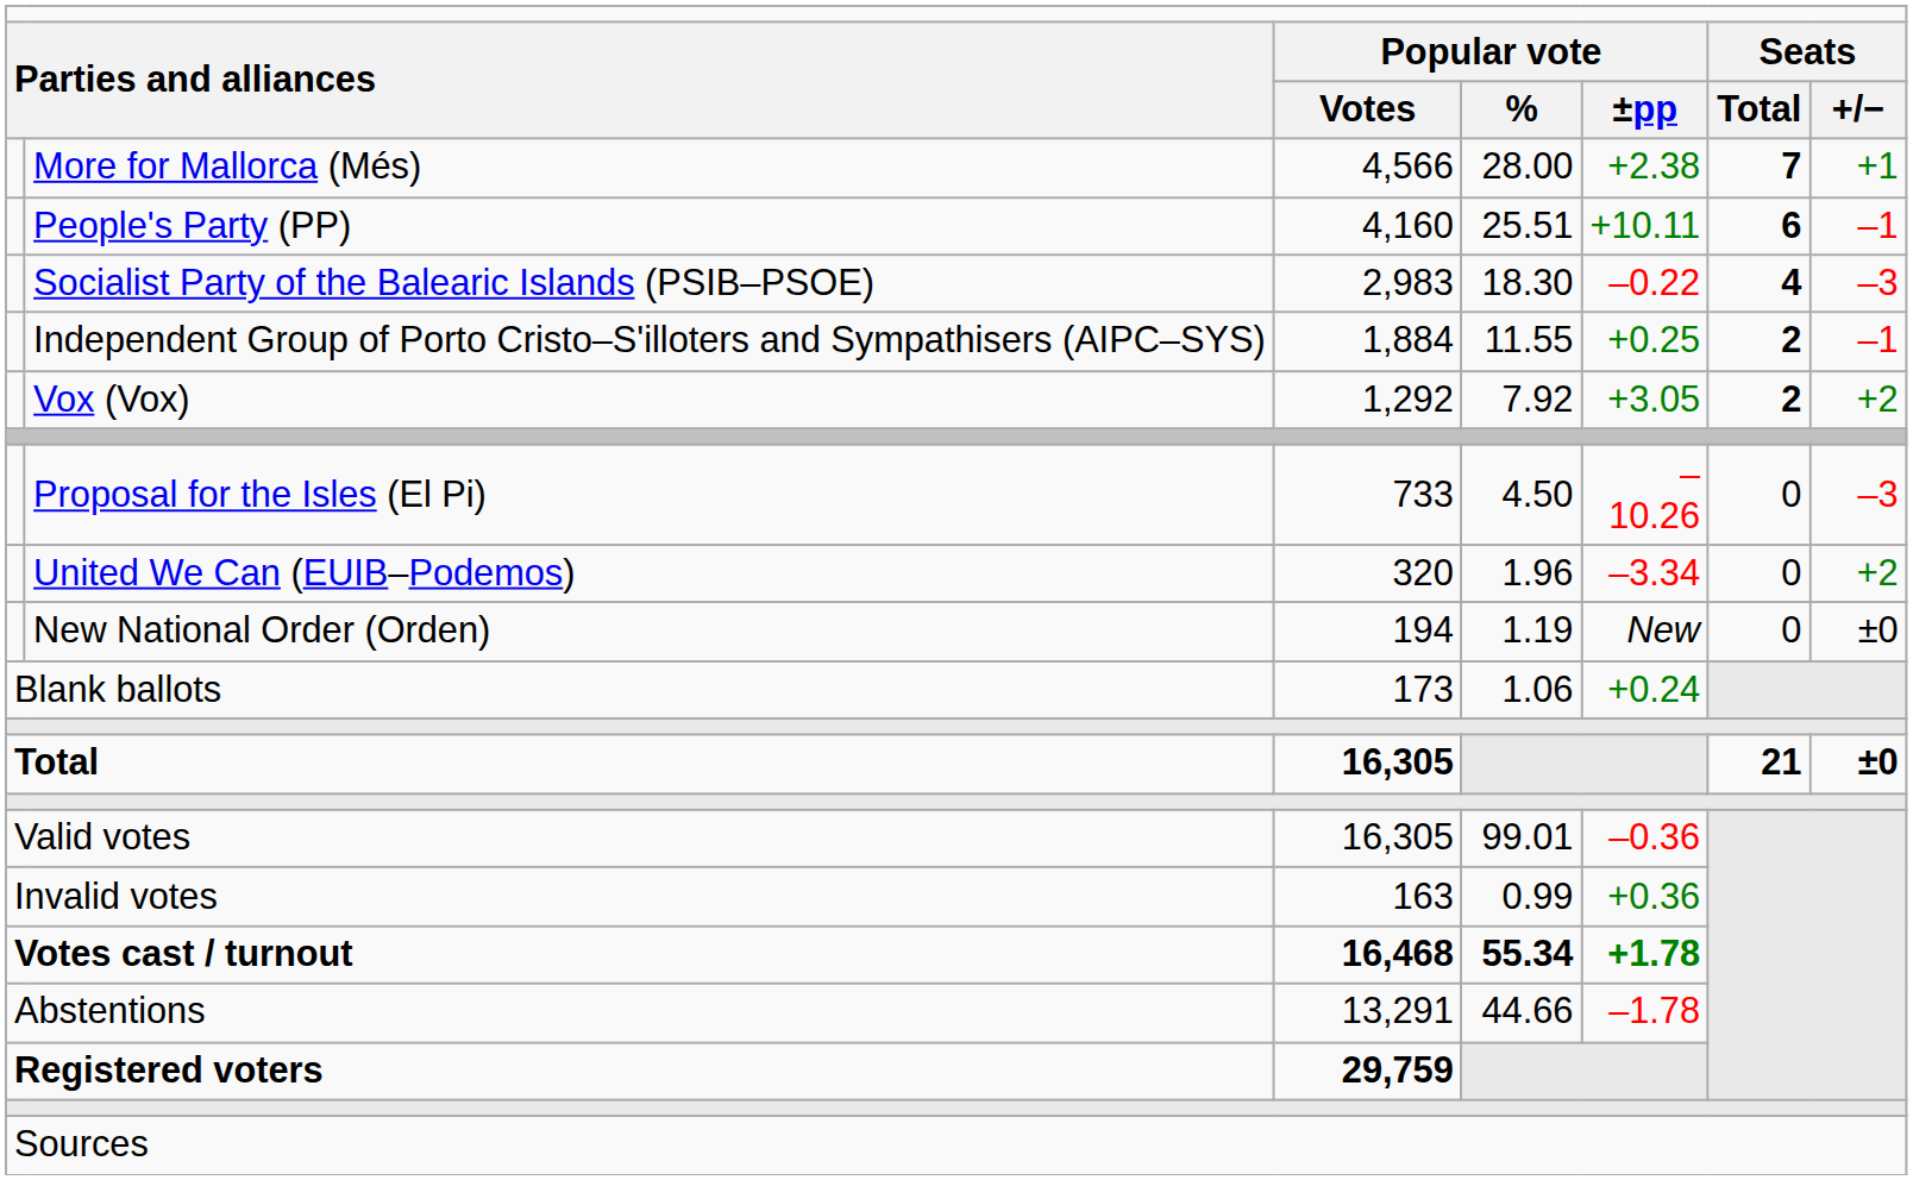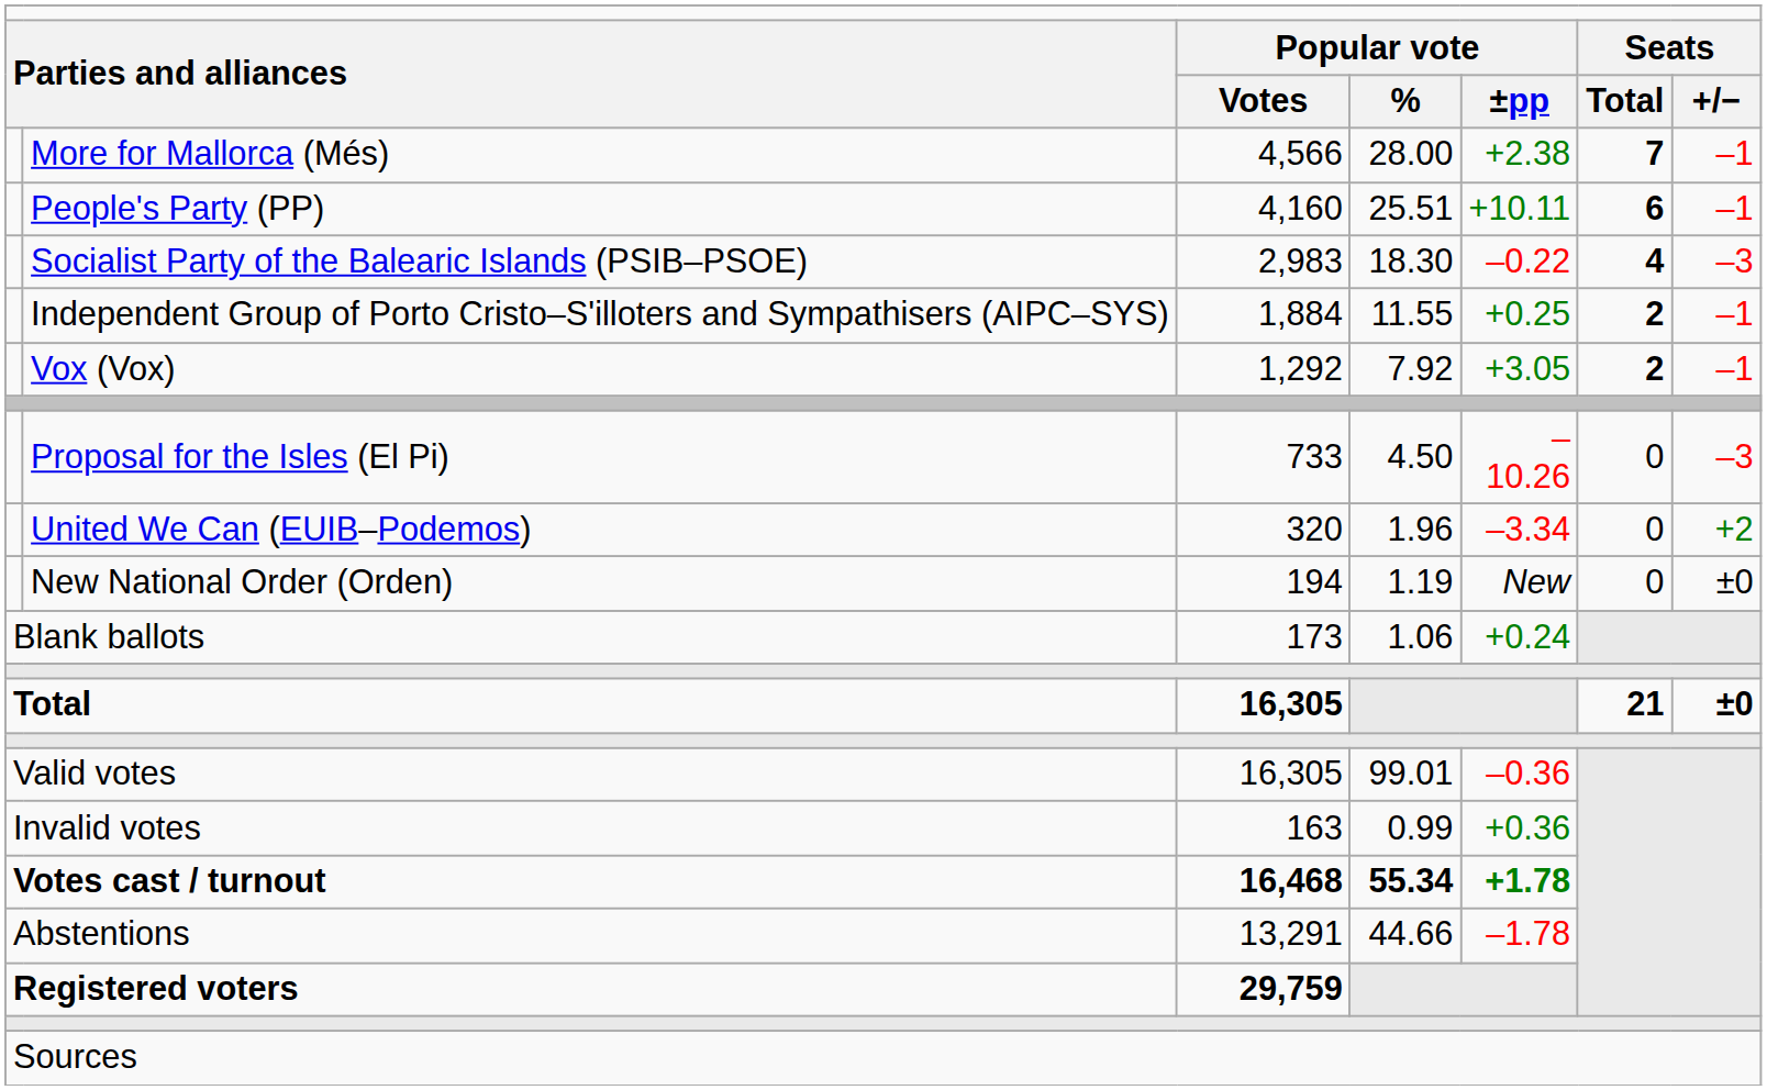 <table class="wikitable" style="text-align:right;">
 <tr>
 <td colspan="7"></td>
 </tr>
 <tr>
 <th style="text-align:left;" rowspan="2" colspan="2" width="525">Parties and alliances</th>
 <th colspan="3">Popular vote</th>
 <th colspan="2">Seats</th>
 </tr>
 <tr>
 <th width="75">Votes</th>
 <th width="45">%</th>
 <th width="45">±<a href='#'>pp</a></th>
 <th width="35">Total</th>
 <th width="35">+/−</th>
 </tr>
 <tr>
 <td width="1" style="color:inherit;background:"></td>
 <td align="left"><a href='#'>More for Mallorca</a> (Més)</td>
 <td>4,566</td>
 <td>28.00</td>
 <td style="color:green;">+2.38</td>
 <td><strong>7</strong></td>
-<td style="color:green;">+1</td>
+<td style="color:red;">–1</td>
 </tr>
 <tr>
 <td style="color:inherit;background:"></td>
 <td align="left"><a href='#'>People's Party</a> (PP)</td>
 <td>4,160</td>
 <td>25.51</td>
 <td style="color:green;">+10.11</td>
 <td><strong>6</strong></td>
 <td style="color:red;">–1</td>
 </tr>
 <tr>
 <td style="color:inherit;background:"></td>
 <td align="left"><a href='#'>Socialist Party of the Balearic Islands</a> (PSIB–PSOE)</td>
 <td>2,983</td>
 <td>18.30</td>
 <td style="color:red;">–0.22</td>
 <td><strong>4</strong></td>
 <td style="color:red;">–3</td>
 </tr>
 <tr>
 <td style="color:inherit;background:"></td>
 <td align="left">Independent Group of Porto Cristo–S'illoters and Sympathisers (AIPC–SYS)</td>
 <td>1,884</td>
 <td>11.55</td>
 <td style="color:green;">+0.25</td>
 <td><strong>2</strong></td>
 <td style="color:red;">–1</td>
 </tr>
 <tr>
 <td style="color:inherit;background:"></td>
 <td align="left"><a href='#'>Vox</a> (Vox)</td>
 <td>1,292</td>
 <td>7.92</td>
 <td style="color:green;">+3.05</td>
 <td><strong>2</strong></td>
-<td style="color:green;">+2</td>
+<td style="color:red;">–1</td>
 </tr>
 <tr>
 <td colspan="7" bgcolor="#C0C0C0"></td>
 </tr>
 <tr>
 <td style="color:inherit;background:"></td>
 <td align="left"><a href='#'>Proposal for the Isles</a> (El Pi)</td>
 <td>733</td>
 <td>4.50</td>
 <td style="color:red;">–10.26</td>
 <td>0</td>
 <td style="color:red;">–3</td>
 </tr>
 <tr>
 <td style="color:inherit;background:"></td>
 <td align="left"><a href='#'>United We Can</a> (<a href='#'>EUIB</a>–<a href='#'>Podemos</a>)</td>
 <td>320</td>
 <td>1.96</td>
 <td style="color:red;">–3.34</td>
 <td>0</td>
 <td style="color:green;">+2</td>
 </tr>
 <tr>
 <td style="color:inherit;background:"></td>
 <td align="left">New National Order (Orden)</td>
 <td>194</td>
 <td>1.19</td>
 <td><em>New</em></td>
 <td>0</td>
 <td>±0</td>
 </tr>
 <tr>
 <td align="left" colspan="2">Blank ballots</td>
 <td>173</td>
 <td>1.06</td>
 <td style="color:green;">+0.24</td>
 <td bgcolor="#E9E9E9" colspan="2"></td>
 </tr>
 <tr>
 <td colspan="7" bgcolor="#E9E9E9"></td>
 </tr>
 <tr style="font-weight:bold;">
 <td align="left" colspan="2">Total</td>
 <td>16,305</td>
 <td bgcolor="#E9E9E9" colspan="2"></td>
 <td>21</td>
 <td>±0</td>
 </tr>
 <tr>
 <td colspan="7" bgcolor="#E9E9E9"></td>
 </tr>
 <tr>
 <td align="left" colspan="2">Valid votes</td>
 <td>16,305</td>
 <td>99.01</td>
 <td style="color:red;">–0.36</td>
 <td bgcolor="#E9E9E9" colspan="2" rowspan="5"></td>
 </tr>
 <tr>
 <td align="left" colspan="2">Invalid votes</td>
 <td>163</td>
 <td>0.99</td>
 <td style="color:green;">+0.36</td>
 </tr>
 <tr style="font-weight:bold;">
 <td align="left" colspan="2">Votes cast / turnout</td>
 <td>16,468</td>
 <td>55.34</td>
 <td style="color:green;">+1.78</td>
 </tr>
 <tr>
 <td align="left" colspan="2">Abstentions</td>
 <td>13,291</td>
 <td>44.66</td>
 <td style="color:red;">–1.78</td>
 </tr>
 <tr style="font-weight:bold;">
 <td align="left" colspan="2">Registered voters</td>
 <td>29,759</td>
 <td bgcolor="#E9E9E9" colspan="2"></td>
 </tr>
 <tr>
 <td colspan="7" bgcolor="#E9E9E9"></td>
 </tr>
 <tr>
 <td align="left" colspan="7">Sources</td>
 </tr>
 </table>
